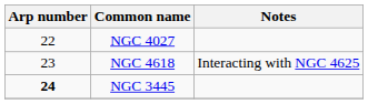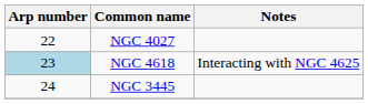 <table class="wikitable" style="text-align:center;">
 <tr>
 <th>Arp number</th>
 <th>Common name</th>
 <th>Notes</th>
 </tr>
 <tr>
 <td>22</td>
 <td><a href='#'>NGC 4027</a></td>
 <td></td>
 </tr>
 <tr>
-<td>23</td>
+<td style="background: lightblue;">23</td>
 <td><a href='#'>NGC 4618</a></td>
 <td>Interacting with <a href='#'>NGC 4625</a></td>
 </tr>
 <tr>
-<td><strong>24</strong></td>
+<td>24</td>
 <td><a href='#'>NGC 3445</a></td>
 <td></td>
 </tr>
 <tr>
 </tr>
 </table>
